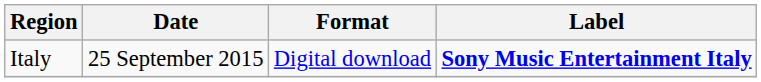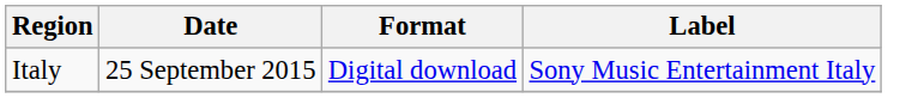 <table class=wikitable>
 <tr>
 <th>Region</th>
 <th>Date</th>
 <th>Format</th>
 <th>Label</th>
 </tr>
 <tr>
 <td>Italy</td>
 <td>25 September 2015</td>
 <td><a href='#'>Digital download</a></td>
-<td><strong><a href='#'>Sony Music Entertainment Italy</a></strong></td>
+<td><a href='#'>Sony Music Entertainment Italy</a></td>
 </tr>
 <tr>
 </tr>
 </table>
